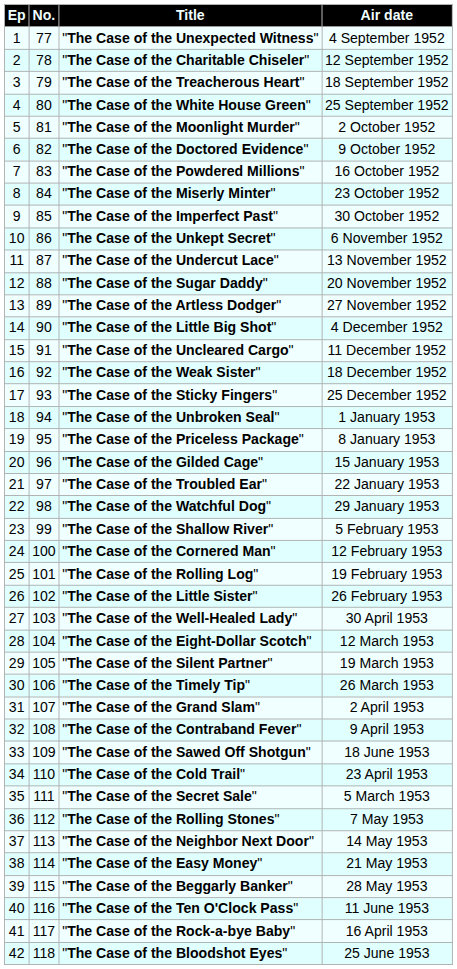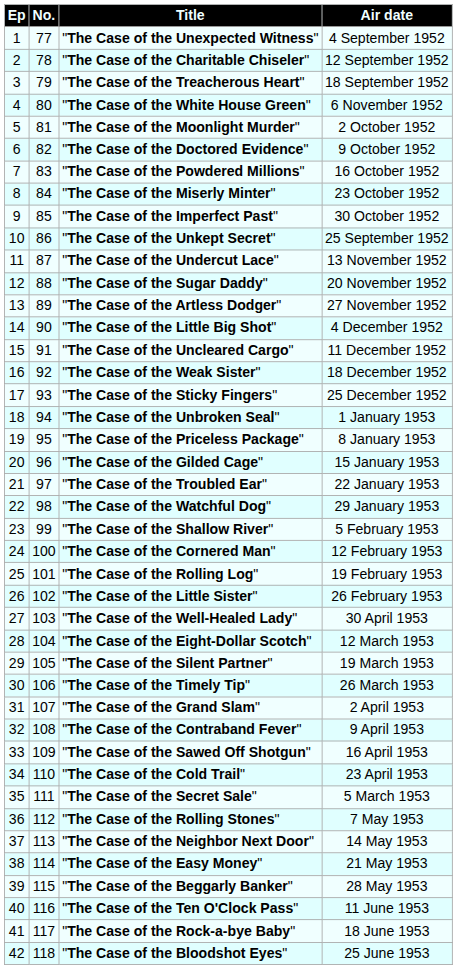 <table class=wikitable style="text-align:center; background:#F0FFFF">
 <tr style="color:#F0FFFF">
 <th style="background:#000000">Ep</th>
 <th style="background:#000000">No.</th>
 <th style="background:#000000">Title</th>
 <th style="background:#000000">Air date</th>
 </tr>
 <tr>
 <td>1</td>
 <td>77</td>
 <td align="left">"<strong>The Case of the Unexpected Witness</strong>"</td>
 <td>4 September 1952</td>
 </tr>
 <tr bgcolor="E0FFFF">
 <td>2</td>
 <td>78</td>
 <td align="left">"<strong>The Case of the Charitable Chiseler</strong>"</td>
 <td>12 September 1952</td>
 </tr>
 <tr>
 <td>3</td>
 <td>79</td>
 <td align="left">"<strong>The Case of the Treacherous Heart</strong>"</td>
 <td>18 September 1952</td>
 </tr>
 <tr bgcolor="E0FFFF">
 <td>4</td>
 <td>80</td>
 <td align="left">"<strong>The Case of the White House Green</strong>"</td>
-<td>25 September 1952</td>
+<td>6 November 1952</td>
 </tr>
 <tr>
 <td>5</td>
 <td>81</td>
 <td align="left">"<strong>The Case of the Moonlight Murder</strong>"</td>
 <td>2 October 1952</td>
 </tr>
 <tr bgcolor="E0FFFF">
 <td>6</td>
 <td>82</td>
 <td align="left">"<strong>The Case of the Doctored Evidence</strong>"</td>
 <td>9 October 1952</td>
 </tr>
 <tr>
 <td>7</td>
 <td>83</td>
 <td align="left">"<strong>The Case of the Powdered Millions</strong>"</td>
 <td>16 October 1952</td>
 </tr>
 <tr bgcolor="E0FFFF">
 <td>8</td>
 <td>84</td>
 <td align="left">"<strong>The Case of the Miserly Minter</strong>"</td>
 <td>23 October 1952</td>
 </tr>
 <tr>
 <td>9</td>
 <td>85</td>
 <td align="left">"<strong>The Case of the Imperfect Past</strong>"</td>
 <td>30 October 1952</td>
 </tr>
 <tr bgcolor="E0FFFF">
 <td>10</td>
 <td>86</td>
 <td align="left">"<strong>The Case of the Unkept Secret</strong>"</td>
-<td>6 November 1952</td>
+<td>25 September 1952</td>
 </tr>
 <tr>
 <td>11</td>
 <td>87</td>
 <td align="left">"<strong>The Case of the Undercut Lace</strong>"</td>
 <td>13 November 1952</td>
 </tr>
 <tr bgcolor="E0FFFF">
 <td>12</td>
 <td>88</td>
 <td align="left">"<strong>The Case of the Sugar Daddy</strong>"</td>
 <td>20 November 1952</td>
 </tr>
 <tr>
 <td>13</td>
 <td>89</td>
 <td align="left">"<strong>The Case of the Artless Dodger</strong>"</td>
 <td>27 November 1952</td>
 </tr>
 <tr bgcolor="E0FFFF">
 <td>14</td>
 <td>90</td>
 <td align="left">"<strong>The Case of the Little Big Shot</strong>"</td>
 <td>4 December 1952</td>
 </tr>
 <tr>
 <td>15</td>
 <td>91</td>
 <td align="left">"<strong>The Case of the Uncleared Cargo</strong>"</td>
 <td>11 December 1952</td>
 </tr>
 <tr bgcolor="E0FFFF">
 <td>16</td>
 <td>92</td>
 <td align="left">"<strong>The Case of the Weak Sister</strong>"</td>
 <td>18 December 1952</td>
 </tr>
 <tr>
 <td>17</td>
 <td>93</td>
 <td align="left">"<strong>The Case of the Sticky Fingers</strong>"</td>
 <td>25 December 1952</td>
 </tr>
 <tr bgcolor="E0FFFF">
 <td>18</td>
 <td>94</td>
 <td align="left">"<strong>The Case of the Unbroken Seal</strong>"</td>
 <td>1 January 1953</td>
 </tr>
 <tr>
 <td>19</td>
 <td>95</td>
 <td align="left">"<strong>The Case of the Priceless Package</strong>"</td>
 <td>8 January 1953</td>
 </tr>
 <tr bgcolor="E0FFFF">
 <td>20</td>
 <td>96</td>
 <td align="left">"<strong>The Case of the Gilded Cage</strong>"</td>
 <td>15 January 1953</td>
 </tr>
 <tr>
 <td>21</td>
 <td>97</td>
 <td align="left">"<strong>The Case of the Troubled Ear</strong>"</td>
 <td>22 January 1953</td>
 </tr>
 <tr bgcolor="E0FFFF">
 <td>22</td>
 <td>98</td>
 <td align="left">"<strong>The Case of the Watchful Dog</strong>"</td>
 <td>29 January 1953</td>
 </tr>
 <tr>
 <td>23</td>
 <td>99</td>
 <td align="left">"<strong>The Case of the Shallow River</strong>"</td>
 <td>5 February 1953</td>
 </tr>
 <tr bgcolor="E0FFFF">
 <td>24</td>
 <td>100</td>
 <td align="left">"<strong>The Case of the Cornered Man</strong>"</td>
 <td>12 February 1953</td>
 </tr>
 <tr>
 <td>25</td>
 <td>101</td>
 <td align="left">"<strong>The Case of the Rolling Log</strong>"</td>
 <td>19 February 1953</td>
 </tr>
 <tr bgcolor="E0FFFF">
 <td>26</td>
 <td>102</td>
 <td align="left">"<strong>The Case of the Little Sister</strong>"</td>
 <td>26 February 1953</td>
 </tr>
 <tr>
 <td>27</td>
 <td>103</td>
 <td align="left">"<strong>The Case of the Well-Healed Lady</strong>"</td>
 <td>30 April 1953</td>
 </tr>
 <tr bgcolor="E0FFFF">
 <td>28</td>
 <td>104</td>
 <td align="left">"<strong>The Case of the Eight-Dollar Scotch</strong>"</td>
 <td>12 March 1953</td>
 </tr>
 <tr>
 <td>29</td>
 <td>105</td>
 <td align="left">"<strong>The Case of the Silent Partner</strong>"</td>
 <td>19 March 1953</td>
 </tr>
 <tr bgcolor="E0FFFF">
 <td>30</td>
 <td>106</td>
 <td align="left">"<strong>The Case of the Timely Tip</strong>"</td>
 <td>26 March 1953</td>
 </tr>
 <tr>
 <td>31</td>
 <td>107</td>
 <td align="left">"<strong>The Case of the Grand Slam</strong>"</td>
 <td>2 April 1953</td>
 </tr>
 <tr bgcolor="E0FFFF">
 <td>32</td>
 <td>108</td>
 <td align="left">"<strong>The Case of the Contraband Fever</strong>"</td>
 <td>9 April 1953</td>
 </tr>
 <tr>
 <td>33</td>
 <td>109</td>
 <td align="left">"<strong>The Case of the Sawed Off Shotgun</strong>"</td>
-<td>18 June 1953</td>
+<td>16 April 1953</td>
 </tr>
 <tr bgcolor="E0FFFF">
 <td>34</td>
 <td>110</td>
 <td align="left">"<strong>The Case of the Cold Trail</strong>"</td>
 <td>23 April 1953</td>
 </tr>
 <tr>
 <td>35</td>
 <td>111</td>
 <td align="left">"<strong>The Case of the Secret Sale</strong>"</td>
 <td>5 March 1953</td>
 </tr>
 <tr bgcolor="E0FFFF">
 <td>36</td>
 <td>112</td>
 <td align="left">"<strong>The Case of the Rolling Stones</strong>"</td>
 <td>7 May 1953</td>
 </tr>
 <tr>
 <td>37</td>
 <td>113</td>
 <td align="left">"<strong>The Case of the Neighbor Next Door</strong>"</td>
 <td>14 May 1953</td>
 </tr>
 <tr bgcolor="E0FFFF">
 <td>38</td>
 <td>114</td>
 <td align="left">"<strong>The Case of the Easy Money</strong>"</td>
 <td>21 May 1953</td>
 </tr>
 <tr>
 <td>39</td>
 <td>115</td>
 <td align="left">"<strong>The Case of the Beggarly Banker</strong>"</td>
 <td>28 May 1953</td>
 </tr>
 <tr bgcolor="E0FFFF">
 <td>40</td>
 <td>116</td>
 <td align="left">"<strong>The Case of the Ten O'Clock Pass</strong>"</td>
 <td>11 June 1953</td>
 </tr>
 <tr>
 <td>41</td>
 <td>117</td>
 <td align="left">"<strong>The Case of the Rock-a-bye Baby</strong>"</td>
-<td>16 April 1953</td>
+<td>18 June 1953</td>
 </tr>
 <tr bgcolor="E0FFFF">
 <td>42</td>
 <td>118</td>
 <td align="left">"<strong>The Case of the Bloodshot Eyes</strong>"</td>
 <td>25 June 1953</td>
 </tr>
 </table>
